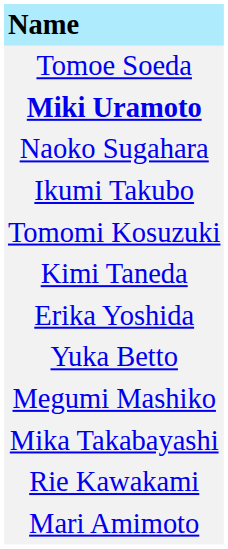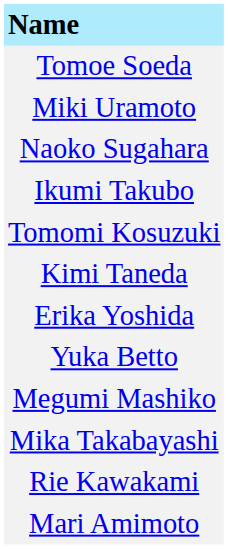 <table border=0 cellpadding=2 cellspacing=0  |- bgcolor=#F2F2F2 style="text-align:center; font-size:90%;">
 <tr bgcolor=#ADEBFD>
 <th align=left>Name</th>
 </tr>
 <tr>
 <td><a href='#'>Tomoe Soeda</a></td>
 </tr>
 <tr>
-<td><strong><a href='#'>Miki Uramoto</a></strong></td>
+<td><a href='#'>Miki Uramoto</a></td>
 </tr>
 <tr>
 <td><a href='#'>Naoko Sugahara</a></td>
 </tr>
 <tr>
 <td><a href='#'>Ikumi Takubo</a></td>
 </tr>
 <tr>
 <td><a href='#'>Tomomi Kosuzuki</a></td>
 </tr>
 <tr>
 <td><a href='#'>Kimi Taneda</a></td>
 </tr>
 <tr>
 <td><a href='#'>Erika Yoshida</a></td>
 </tr>
 <tr>
 <td><a href='#'>Yuka Betto</a></td>
 </tr>
 <tr>
 <td><a href='#'>Megumi Mashiko</a></td>
 </tr>
 <tr>
 <td><a href='#'>Mika Takabayashi</a></td>
 </tr>
 <tr>
 <td><a href='#'>Rie Kawakami</a></td>
 </tr>
 <tr>
 <td><a href='#'>Mari Amimoto</a></td>
 </tr>
 </table>
